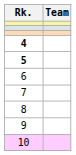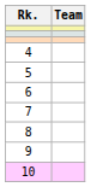 <table class="wikitable" style="border:1px solid #AAAAAA;font-size:90%">
 <tr bgcolor="#E4E4E4">
 <th style="border-bottom:1px solid #AAAAAA" width=40>Rk.</th>
 <th style="border-bottom:1px solid #AAAAAA">Team</th>
 </tr>
 <tr bgcolor="#F7F6A8">
 <td align="center"></td>
 <td></td>
 </tr>
 <tr bgcolor="#DCE5E5">
 <td align="center"></td>
 <td></td>
 </tr>
 <tr bgcolor="#FFDAB9">
 <td align="center"></td>
 <td></td>
 </tr>
 <tr style="background:#ffffff;">
-<td align="center"><strong>4</strong></td>
+<td align="center">4</td>
 <td></td>
 </tr>
 <tr style="background:#ffffff;">
-<td align="center"><strong>5</strong></td>
+<td align="center">5</td>
 <td></td>
 </tr>
 <tr style="background:#ffffff;">
 <td align="center">6</td>
 <td></td>
 </tr>
 <tr style="background:#ffffff;">
 <td align="center">7</td>
 <td></td>
 </tr>
 <tr style="background:#ffffff;">
 <td align="center">8</td>
 <td></td>
 </tr>
 <tr style="background:#ffffff;">
 <td align="center">9</td>
 <td></td>
 </tr>
 <tr style="background:#ffccff;">
 <td align="center">10</td>
 <td></td>
 </tr>
 </table>
